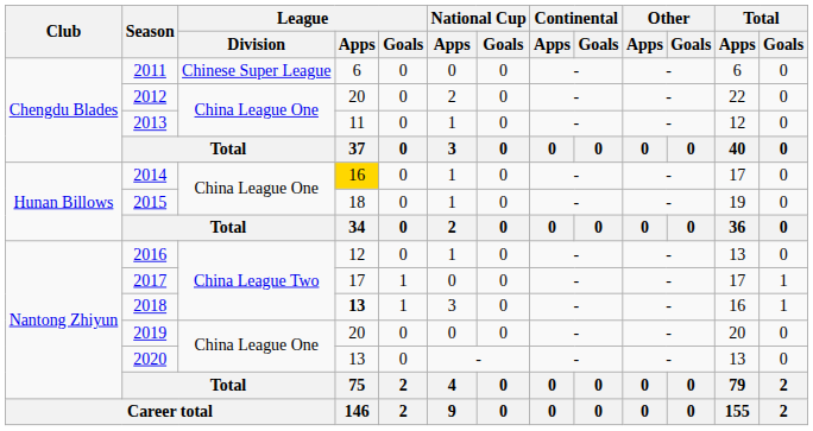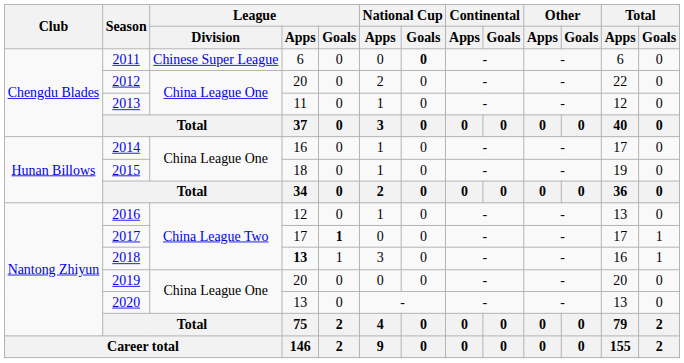 <table class="wikitable" style="text-align: center">
 <tr>
 <th rowspan="2">Club</th>
 <th rowspan="2">Season</th>
 <th colspan="3">League</th>
 <th colspan="2">National Cup</th>
 <th colspan="2">Continental</th>
 <th colspan="2">Other</th>
 <th colspan="2">Total</th>
 </tr>
 <tr>
 <th>Division</th>
 <th>Apps</th>
 <th>Goals</th>
 <th>Apps</th>
 <th>Goals</th>
 <th>Apps</th>
 <th>Goals</th>
 <th>Apps</th>
 <th>Goals</th>
 <th>Apps</th>
 <th>Goals</th>
 </tr>
 <tr>
 <td rowspan=4><a href='#'>Chengdu Blades</a></td>
 <td><a href='#'>2011</a></td>
 <td><a href='#'>Chinese Super League</a></td>
 <td>6</td>
 <td>0</td>
 <td>0</td>
-<td>0</td>
+<td><strong>0</strong></td>
 <td colspan="2">-</td>
 <td colspan="2">-</td>
 <td>6</td>
 <td>0</td>
 </tr>
 <tr>
 <td><a href='#'>2012</a></td>
 <td rowspan=2><a href='#'>China League One</a></td>
 <td>20</td>
 <td>0</td>
 <td>2</td>
 <td>0</td>
 <td colspan="2">-</td>
 <td colspan="2">-</td>
 <td>22</td>
 <td>0</td>
 </tr>
 <tr>
 <td><a href='#'>2013</a></td>
 <td>11</td>
 <td>0</td>
 <td>1</td>
 <td>0</td>
 <td colspan="2">-</td>
 <td colspan="2">-</td>
 <td>12</td>
 <td>0</td>
 </tr>
 <tr>
 <th colspan="2"><strong>Total</strong></th>
 <th>37</th>
 <th>0</th>
 <th>3</th>
 <th>0</th>
 <th>0</th>
 <th>0</th>
 <th>0</th>
 <th>0</th>
 <th>40</th>
 <th>0</th>
 </tr>
 <tr>
 <td rowspan=3><a href='#'>Hunan Billows</a></td>
 <td><a href='#'>2014</a></td>
 <td rowspan=2>China League One</td>
-<td style="background: gold;">16</td>
+<td>16</td>
 <td>0</td>
 <td>1</td>
 <td>0</td>
 <td colspan="2">-</td>
 <td colspan="2">-</td>
 <td>17</td>
 <td>0</td>
 </tr>
 <tr>
 <td><a href='#'>2015</a></td>
 <td>18</td>
 <td>0</td>
 <td>1</td>
 <td>0</td>
 <td colspan="2">-</td>
 <td colspan="2">-</td>
 <td>19</td>
 <td>0</td>
 </tr>
 <tr>
 <th colspan="2"><strong>Total</strong></th>
 <th>34</th>
 <th>0</th>
 <th>2</th>
 <th>0</th>
 <th>0</th>
 <th>0</th>
 <th>0</th>
 <th>0</th>
 <th>36</th>
 <th>0</th>
 </tr>
 <tr>
 <td rowspan=6><a href='#'>Nantong Zhiyun</a></td>
 <td><a href='#'>2016</a></td>
 <td rowspan="3"><a href='#'>China League Two</a></td>
 <td>12</td>
 <td>0</td>
 <td>1</td>
 <td>0</td>
 <td colspan="2">-</td>
 <td colspan="2">-</td>
 <td>13</td>
 <td>0</td>
 </tr>
 <tr>
 <td><a href='#'>2017</a></td>
 <td>17</td>
-<td>1</td>
+<td><strong>1</strong></td>
 <td>0</td>
 <td>0</td>
 <td colspan="2">-</td>
 <td colspan="2">-</td>
 <td>17</td>
 <td>1</td>
 </tr>
 <tr>
 <td><a href='#'>2018</a></td>
 <td><strong>13</strong></td>
 <td>1</td>
 <td>3</td>
 <td>0</td>
 <td colspan="2">-</td>
 <td colspan="2">-</td>
 <td>16</td>
 <td>1</td>
 </tr>
 <tr>
 <td><a href='#'>2019</a></td>
 <td rowspan=2>China League One</td>
 <td>20</td>
 <td>0</td>
 <td>0</td>
 <td>0</td>
 <td colspan="2">-</td>
 <td colspan="2">-</td>
 <td>20</td>
 <td>0</td>
 </tr>
 <tr>
 <td><a href='#'>2020</a></td>
 <td>13</td>
 <td>0</td>
 <td colspan="2">-</td>
 <td colspan="2">-</td>
 <td colspan="2">-</td>
 <td>13</td>
 <td>0</td>
 </tr>
 <tr>
 <th colspan="2"><strong>Total</strong></th>
 <th>75</th>
 <th>2</th>
 <th>4</th>
 <th>0</th>
 <th>0</th>
 <th>0</th>
 <th>0</th>
 <th>0</th>
 <th>79</th>
 <th>2</th>
 </tr>
 <tr>
 <th colspan=3>Career total</th>
 <th>146</th>
 <th>2</th>
 <th>9</th>
 <th>0</th>
 <th>0</th>
 <th>0</th>
 <th>0</th>
 <th>0</th>
 <th>155</th>
 <th>2</th>
 </tr>
 </table>
